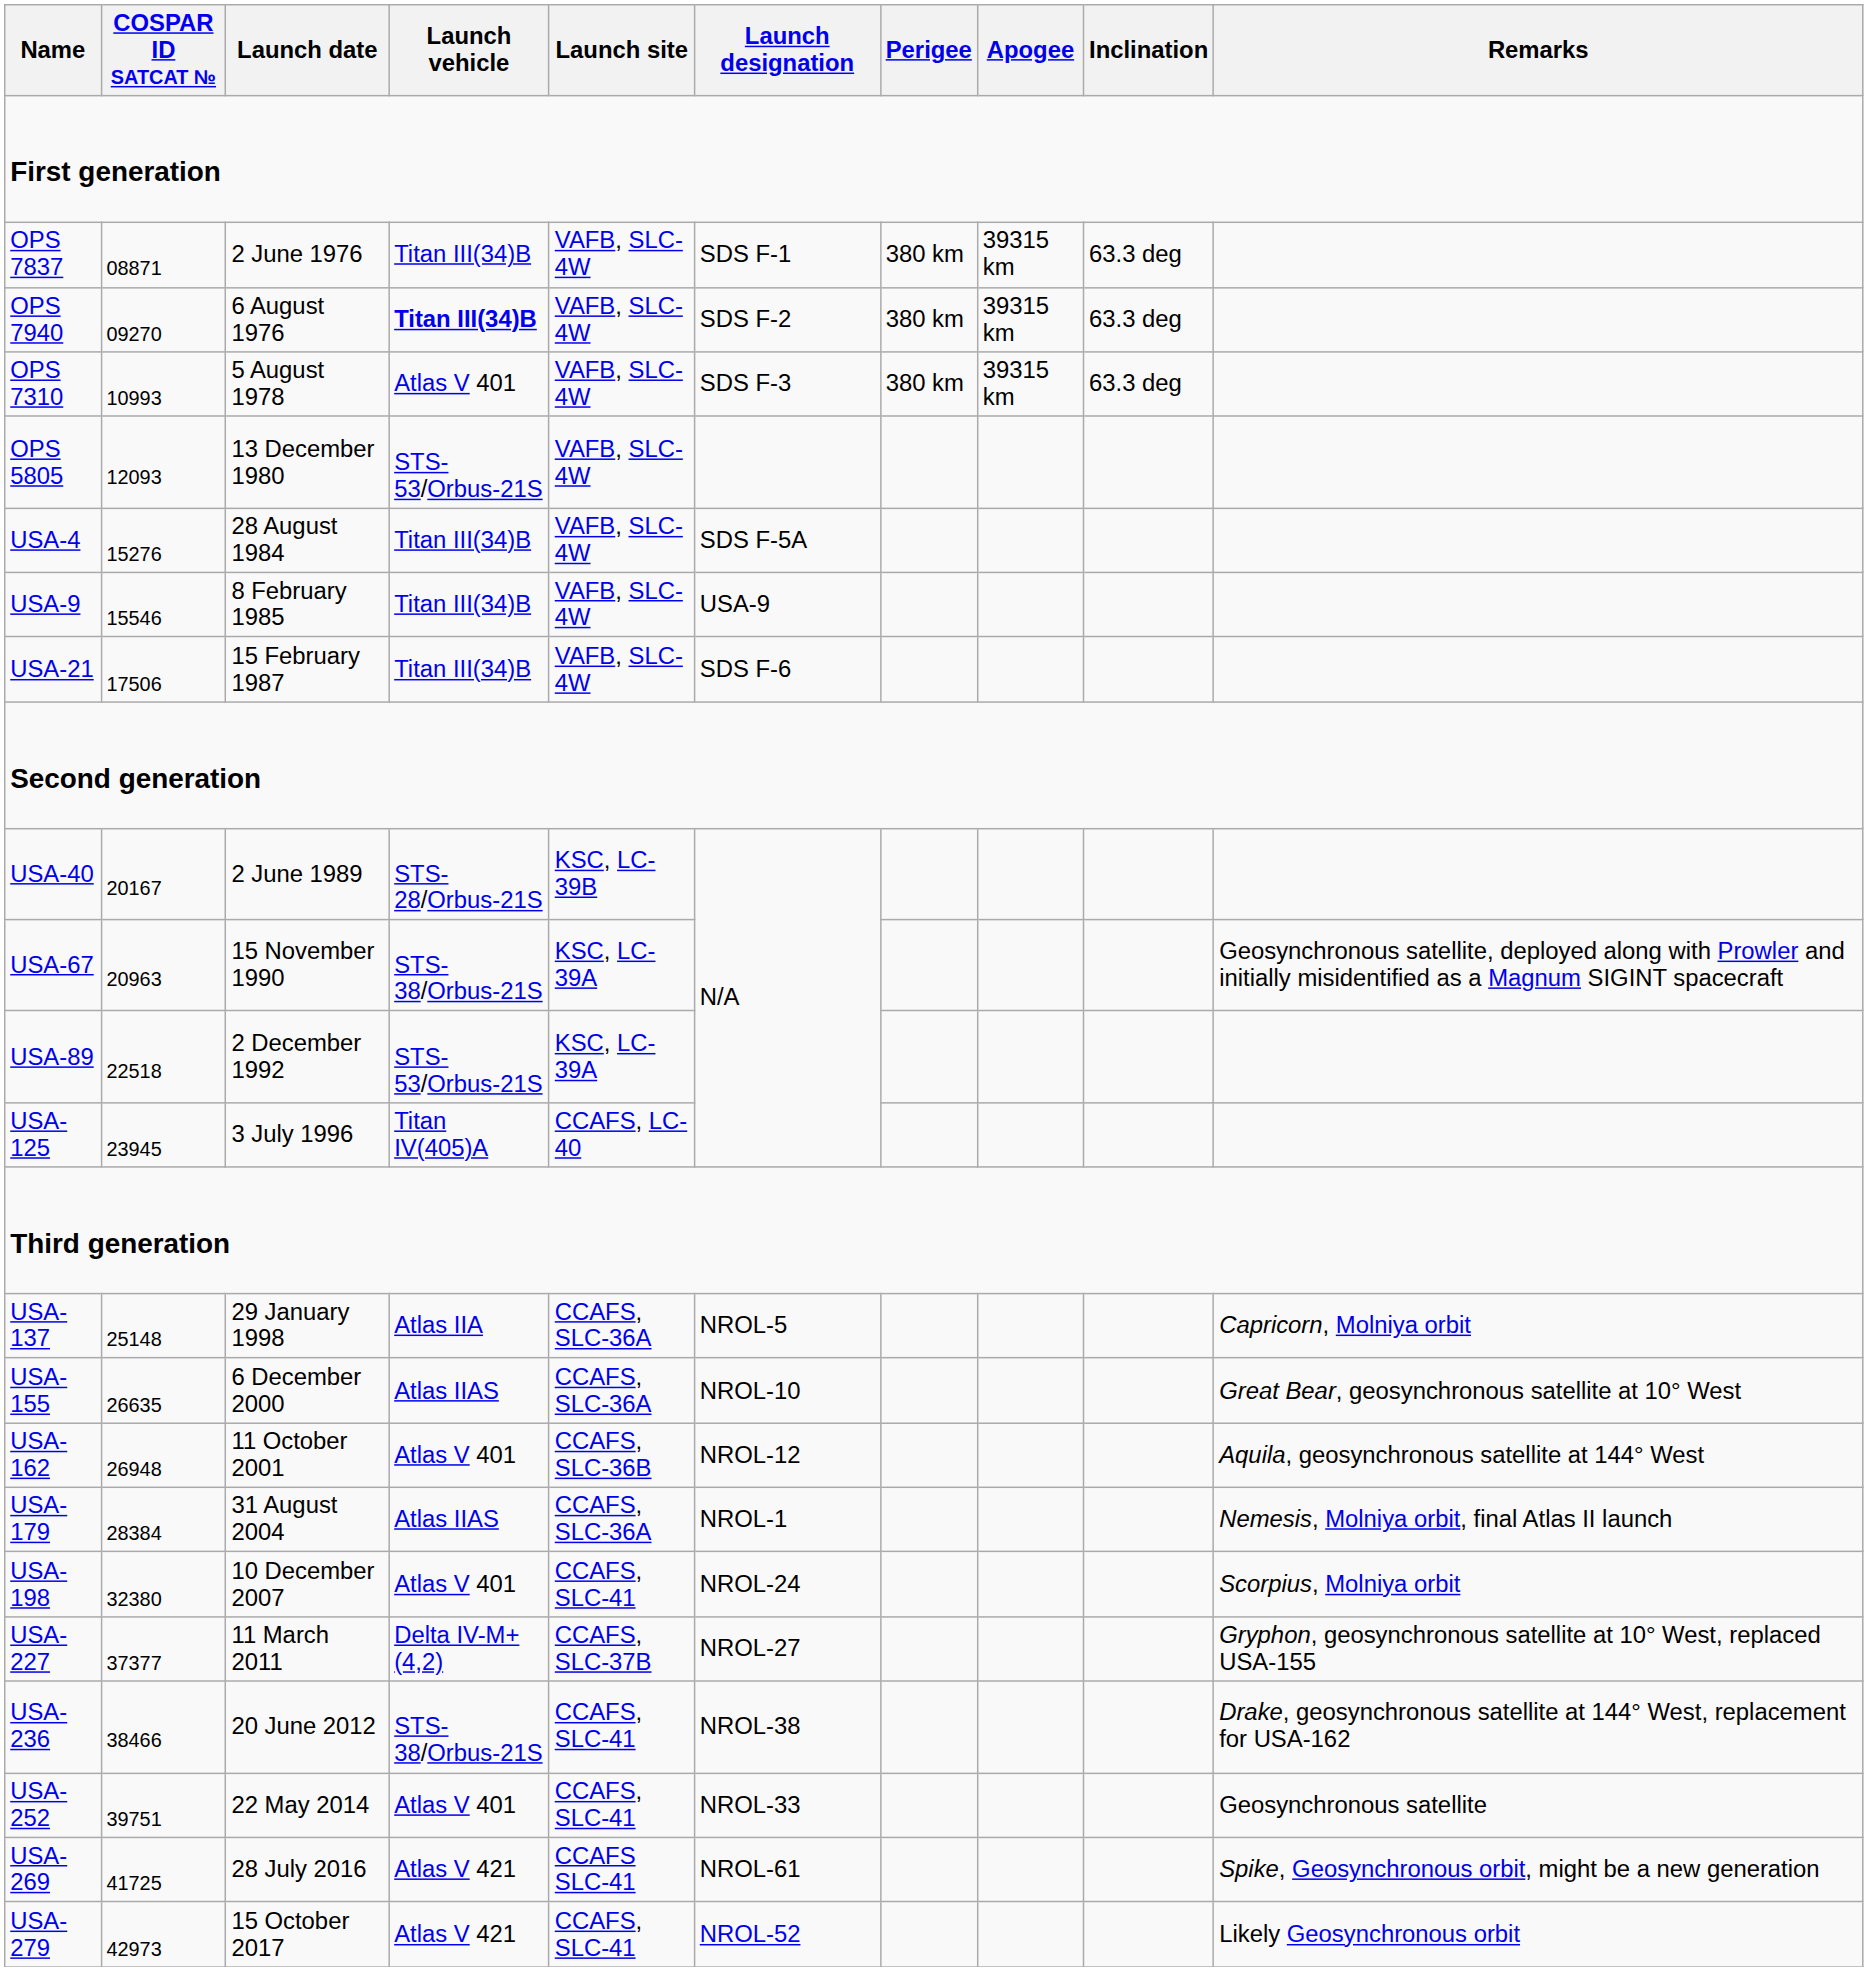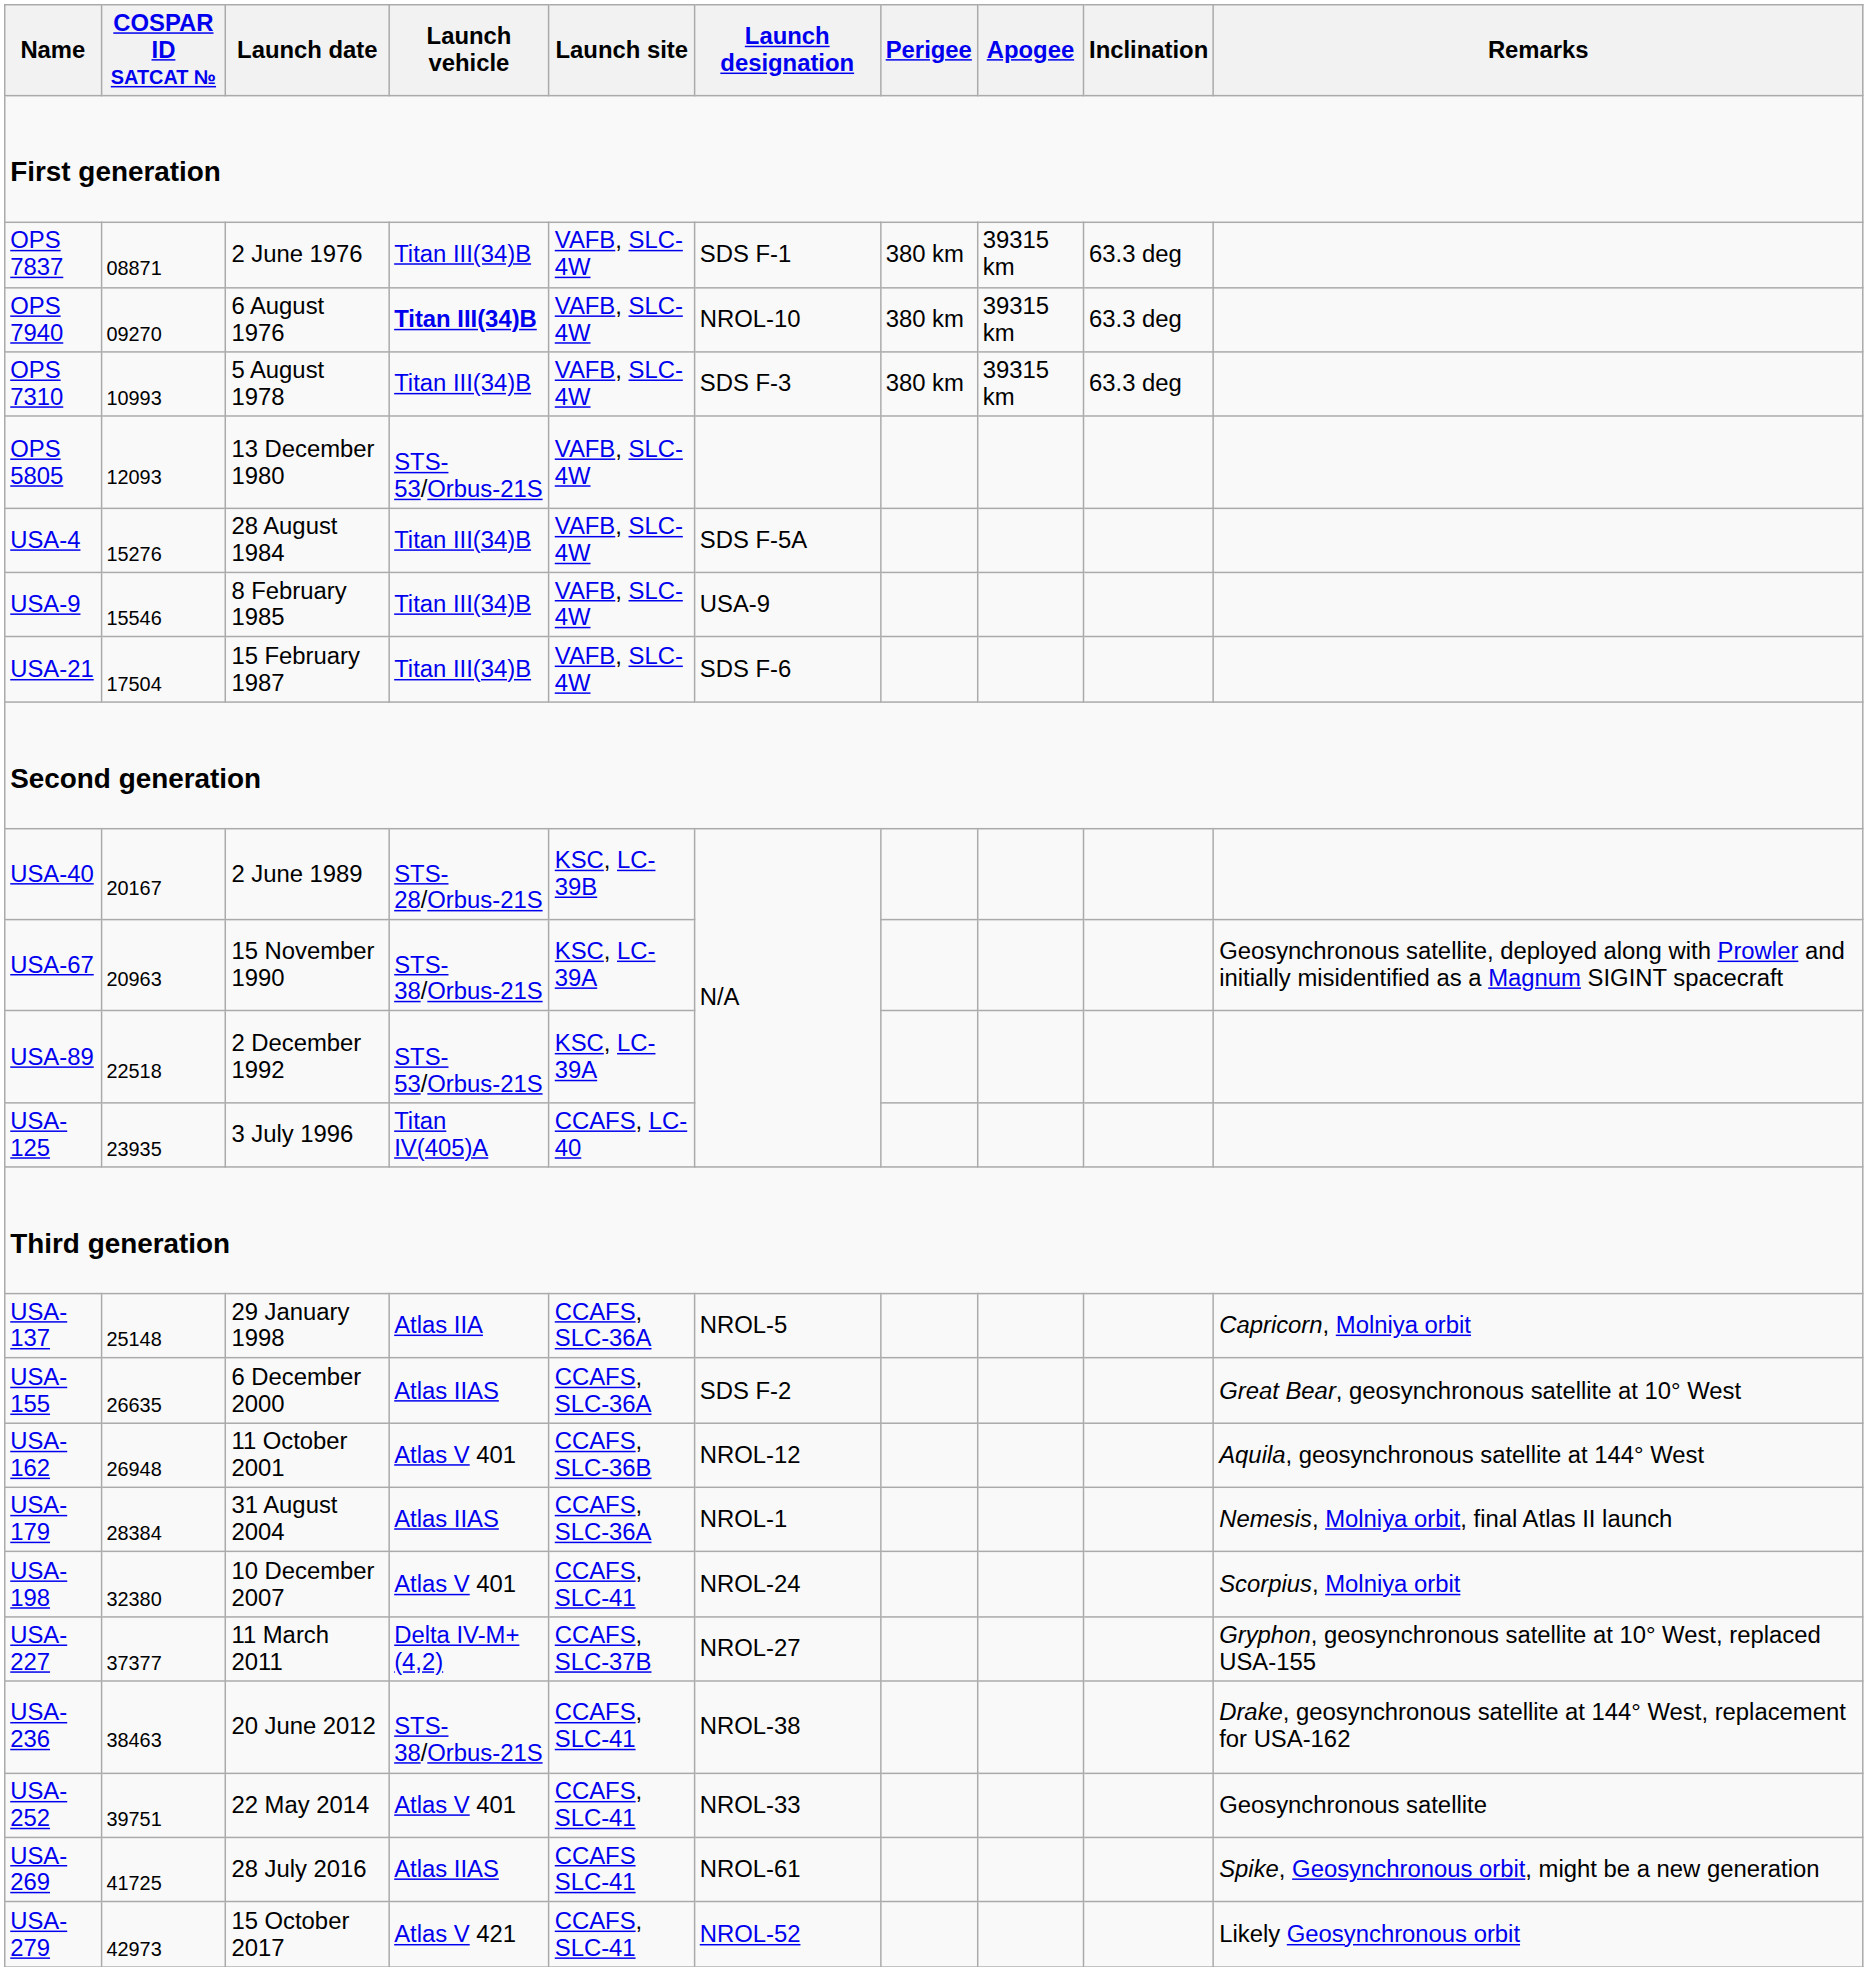 <table class="wikitable">
 <tr>
 <th>Name</th>
 <th><a href='#'>COSPAR ID</a><br><small><a href='#'>SATCAT №</a></small></th>
 <th>Launch date</th>
 <th>Launch vehicle</th>
 <th>Launch site</th>
 <th><a href='#'>Launch designation</a></th>
 <th><a href='#'>Perigee</a></th>
 <th><a href='#'>Apogee</a></th>
 <th>Inclination</th>
 <th>Remarks</th>
 </tr>
 <tr>
 <td colspan=10><br><h3>First generation</h3></td>
 </tr>
 <tr>
 <td><a href='#'>OPS 7837</a></td>
 <td><br><small>08871</small></td>
 <td>2 June 1976</td>
 <td><a href='#'>Titan III(34)B</a></td>
 <td><a href='#'>VAFB</a>, <a href='#'>SLC-4W</a></td>
 <td>SDS F-1</td>
 <td>380 km</td>
 <td>39315 km</td>
 <td>63.3 deg</td>
 <td></td>
 </tr>
 <tr>
 <td><a href='#'>OPS 7940</a></td>
 <td><br><small>09270</small></td>
 <td>6 August 1976</td>
 <td><strong><a href='#'>Titan III(34)B</a></strong></td>
 <td><a href='#'>VAFB</a>, <a href='#'>SLC-4W</a></td>
-<td>SDS F-2</td>
+<td>NROL-10</td>
 <td>380 km</td>
 <td>39315 km</td>
 <td>63.3 deg</td>
 <td></td>
 </tr>
 <tr>
 <td><a href='#'>OPS 7310</a></td>
 <td><br><small>10993</small></td>
 <td>5 August 1978</td>
-<td><a href='#'>Atlas V</a> 401</td>
+<td><a href='#'>Titan III(34)B</a></td>
 <td><a href='#'>VAFB</a>, <a href='#'>SLC-4W</a></td>
 <td>SDS F-3</td>
 <td>380 km</td>
 <td>39315 km</td>
 <td>63.3 deg</td>
 <td></td>
 </tr>
 <tr>
 <td><a href='#'>OPS 5805</a></td>
 <td><br><small>12093</small></td>
 <td>13 December 1980</td>
 <td><br><a href='#'>STS-53</a>/<a href='#'>Orbus-21S</a></td>
 <td><a href='#'>VAFB</a>, <a href='#'>SLC-4W</a></td>
 <td></td>
 <td></td>
 <td></td>
 <td></td>
 <td></td>
 </tr>
 <tr>
 <td><a href='#'>USA-4</a></td>
 <td><br><small>15276</small></td>
 <td>28 August 1984</td>
 <td><a href='#'>Titan III(34)B</a></td>
 <td><a href='#'>VAFB</a>, <a href='#'>SLC-4W</a></td>
 <td>SDS F-5A</td>
 <td></td>
 <td></td>
 <td></td>
 <td></td>
 </tr>
 <tr>
 <td><a href='#'>USA-9</a></td>
 <td><br><small>15546</small></td>
 <td>8 February 1985</td>
 <td><a href='#'>Titan III(34)B</a></td>
 <td><a href='#'>VAFB</a>, <a href='#'>SLC-4W</a></td>
 <td>USA-9</td>
 <td></td>
 <td></td>
 <td></td>
 <td></td>
 </tr>
 <tr>
 <td><a href='#'>USA-21</a></td>
-<td><br><small>17506</small></td>
+<td><br><small>17504</small></td>
 <td>15 February 1987</td>
 <td><a href='#'>Titan III(34)B</a></td>
 <td><a href='#'>VAFB</a>, <a href='#'>SLC-4W</a></td>
 <td>SDS F-6</td>
 <td></td>
 <td></td>
 <td></td>
 <td></td>
 </tr>
 <tr>
 <td colspan=10><br><h3>Second generation</h3></td>
 </tr>
 <tr>
 <td><a href='#'>USA-40</a></td>
 <td><br><small>20167</small></td>
 <td>2 June 1989</td>
 <td><br><a href='#'>STS-28</a>/<a href='#'>Orbus-21S</a></td>
 <td><a href='#'>KSC</a>, <a href='#'>LC-39B</a></td>
 <td rowspan=4>N/A</td>
 <td></td>
 <td></td>
 <td></td>
 <td></td>
 </tr>
 <tr>
 <td><a href='#'>USA-67</a></td>
 <td><br><small>20963</small></td>
 <td>15 November 1990</td>
 <td><br><a href='#'>STS-38</a>/<a href='#'>Orbus-21S</a></td>
 <td><a href='#'>KSC</a>, <a href='#'>LC-39A</a></td>
 <td></td>
 <td></td>
 <td></td>
 <td>Geosynchronous satellite, deployed along with <a href='#'>Prowler</a> and initially misidentified as a <a href='#'>Magnum</a> SIGINT spacecraft</td>
 </tr>
 <tr>
 <td><a href='#'>USA-89</a></td>
 <td><br><small>22518</small></td>
 <td>2 December 1992</td>
 <td><br><a href='#'>STS-53</a>/<a href='#'>Orbus-21S</a></td>
 <td><a href='#'>KSC</a>, <a href='#'>LC-39A</a></td>
 <td></td>
 <td></td>
 <td></td>
 <td></td>
 </tr>
 <tr>
 <td><a href='#'>USA-125</a></td>
-<td><br><small>23945</small></td>
+<td><br><small>23935</small></td>
 <td>3 July 1996</td>
 <td><a href='#'>Titan IV(405)A</a></td>
 <td><a href='#'>CCAFS</a>, <a href='#'>LC-40</a></td>
 <td></td>
 <td></td>
 <td></td>
 <td></td>
 </tr>
 <tr>
 <td colspan=10><br><h3>Third generation</h3></td>
 </tr>
 <tr>
 <td><a href='#'>USA-137</a></td>
 <td><br><small>25148</small></td>
 <td>29 January 1998</td>
 <td><a href='#'>Atlas IIA</a></td>
 <td><a href='#'>CCAFS</a>, <a href='#'>SLC-36A</a></td>
 <td>NROL-5</td>
 <td></td>
 <td></td>
 <td></td>
 <td><em>Capricorn</em>, <a href='#'>Molniya orbit</a></td>
 </tr>
 <tr>
 <td><a href='#'>USA-155</a></td>
 <td><br><small>26635</small></td>
 <td>6 December 2000</td>
 <td><a href='#'>Atlas IIAS</a></td>
 <td><a href='#'>CCAFS</a>, <a href='#'>SLC-36A</a></td>
-<td>NROL-10</td>
+<td>SDS F-2</td>
 <td></td>
 <td></td>
 <td></td>
 <td><em>Great Bear</em>, geosynchronous satellite at 10° West</td>
 </tr>
 <tr>
 <td><a href='#'>USA-162</a></td>
 <td><br><small>26948</small></td>
 <td>11 October 2001</td>
 <td><a href='#'>Atlas V</a> 401</td>
 <td><a href='#'>CCAFS</a>, <a href='#'>SLC-36B</a></td>
 <td>NROL-12</td>
 <td></td>
 <td></td>
 <td></td>
 <td><em>Aquila</em>, geosynchronous satellite at 144° West</td>
 </tr>
 <tr>
 <td><a href='#'>USA-179</a></td>
 <td><br><small>28384</small></td>
 <td>31 August 2004</td>
 <td><a href='#'>Atlas IIAS</a></td>
 <td><a href='#'>CCAFS</a>, <a href='#'>SLC-36A</a></td>
 <td>NROL-1</td>
 <td></td>
 <td></td>
 <td></td>
 <td><em>Nemesis</em>, <a href='#'>Molniya orbit</a>, final Atlas II launch</td>
 </tr>
 <tr>
 <td><a href='#'>USA-198</a></td>
 <td><br><small>32380</small></td>
 <td>10 December 2007</td>
 <td><a href='#'>Atlas V</a> 401</td>
 <td><a href='#'>CCAFS</a>, <a href='#'>SLC-41</a></td>
 <td>NROL-24</td>
 <td></td>
 <td></td>
 <td></td>
 <td><em>Scorpius</em>, <a href='#'>Molniya orbit</a></td>
 </tr>
 <tr>
 <td><a href='#'>USA-227</a></td>
 <td><br><small>37377</small></td>
 <td>11 March 2011</td>
 <td><a href='#'>Delta IV-M+(4,2)</a></td>
 <td><a href='#'>CCAFS</a>, <a href='#'>SLC-37B</a></td>
 <td>NROL-27</td>
 <td></td>
 <td></td>
 <td></td>
 <td><em>Gryphon</em>, geosynchronous satellite at 10° West, replaced USA-155</td>
 </tr>
 <tr>
 <td><a href='#'>USA-236</a></td>
-<td><br><small>38466</small></td>
+<td><br><small>38463</small></td>
 <td>20 June 2012</td>
 <td><br><a href='#'>STS-38</a>/<a href='#'>Orbus-21S</a></td>
 <td><a href='#'>CCAFS</a>, <a href='#'>SLC-41</a></td>
 <td>NROL-38</td>
 <td></td>
 <td></td>
 <td></td>
 <td><em>Drake</em>, geosynchronous satellite at 144° West, replacement for USA-162</td>
 </tr>
 <tr>
 <td><a href='#'>USA-252</a></td>
 <td><br><small>39751</small></td>
 <td>22 May 2014</td>
 <td><a href='#'>Atlas V</a> 401</td>
 <td><a href='#'>CCAFS</a>, <a href='#'>SLC-41</a></td>
 <td>NROL-33</td>
 <td></td>
 <td></td>
 <td></td>
 <td>Geosynchronous satellite</td>
 </tr>
 <tr>
 <td><a href='#'>USA-269</a></td>
 <td><br><small>41725</small></td>
 <td>28 July 2016</td>
-<td><a href='#'>Atlas V</a> 421</td>
+<td><a href='#'>Atlas IIAS</a></td>
 <td><a href='#'>CCAFS</a> <a href='#'>SLC-41</a></td>
 <td>NROL-61</td>
 <td></td>
 <td></td>
 <td></td>
 <td><em>Spike</em>, <a href='#'>Geosynchronous orbit</a>, might be a new generation </td>
 </tr>
 <tr>
 <td><a href='#'>USA-279</a></td>
 <td><br><small>42973</small></td>
 <td>15 October 2017</td>
 <td><a href='#'>Atlas V</a> 421</td>
 <td><a href='#'>CCAFS</a>, <a href='#'>SLC-41</a></td>
 <td><a href='#'>NROL-52</a></td>
 <td></td>
 <td></td>
 <td></td>
 <td>Likely <a href='#'>Geosynchronous orbit</a></td>
 </tr>
 </table>
